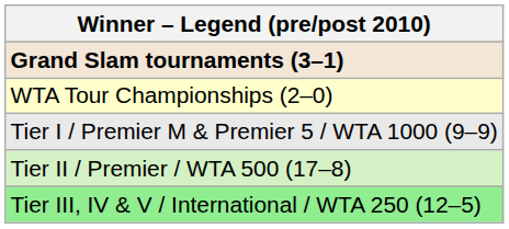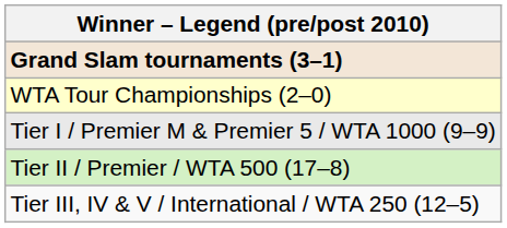 <table class=wikitable style="font-size:90%">
 <tr>
 <th>Winner – Legend (pre/post 2010)</th>
 </tr>
 <tr>
 <td bgcolor="#f3e6d7"><strong>Grand Slam tournaments (3–1)</strong></td>
 </tr>
 <tr>
 <td bgcolor="#ffffcc">WTA Tour Championships (2–0)</td>
 </tr>
 <tr>
 <td bgcolor="#e9e9e9">Tier I / Premier M & Premier 5 / WTA 1000 (9–9)</td>
 </tr>
 <tr>
 <td bgcolor="#d4f1c5">Tier II / Premier / WTA 500 (17–8)</td>
 </tr>
 <tr>
-<td style="background: lightgreen;">Tier III, IV & V / International / WTA 250 (12–5)</td>
+<td>Tier III, IV & V / International / WTA 250 (12–5)</td>
 </tr>
 </table>
